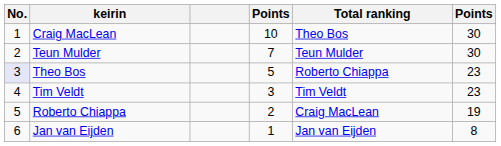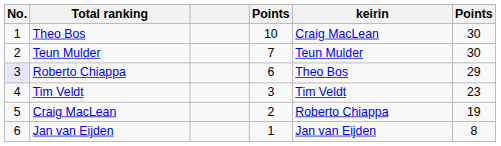 <table class="wikitable">
 <tr>
 <th width="20px">No.</th>
-<th width="200px">keirin</th>
+<th width="200px">Total ranking</th>
 <th width="70px"></th>
 <th width="40px">Points</th>
-<th width="200px">Total ranking</th>
+<th width="200px">keirin</th>
 <th width="40px">Points</th>
 </tr>
 <tr align=center>
 <td>1</td>
-<td align=left> <a href='#'>Craig MacLean</a></td>
+<td align=left> <a href='#'>Theo Bos</a></td>
 <td></td>
 <td>10</td>
-<td align=left> <a href='#'>Theo Bos</a></td>
+<td align=left> <a href='#'>Craig MacLean</a></td>
 <td>30</td>
 </tr>
 <tr align=center>
 <td>2</td>
 <td align=left> <a href='#'>Teun Mulder</a></td>
 <td></td>
 <td>7</td>
 <td align=left> <a href='#'>Teun Mulder</a></td>
 <td>30</td>
 </tr>
 <tr align=center>
 <td style="background: lavender;">3</td>
+<td align=left> <a href='#'>Roberto Chiappa</a></td>
+<td></td>
+<td>6</td>
 <td align=left> <a href='#'>Theo Bos</a></td>
-<td></td>
-<td>5</td>
-<td align=left> <a href='#'>Roberto Chiappa</a></td>
-<td>23</td>
+<td>29</td>
 </tr>
 <tr align=center>
 <td>4</td>
 <td align=left> <a href='#'>Tim Veldt</a></td>
 <td></td>
 <td>3</td>
 <td align=left> <a href='#'>Tim Veldt</a></td>
 <td>23</td>
 </tr>
 <tr align=center>
 <td>5</td>
-<td align=left> <a href='#'>Roberto Chiappa</a></td>
+<td align=left> <a href='#'>Craig MacLean</a></td>
 <td></td>
 <td>2</td>
-<td align=left> <a href='#'>Craig MacLean</a></td>
+<td align=left> <a href='#'>Roberto Chiappa</a></td>
 <td>19</td>
 </tr>
 <tr align=center>
 <td>6</td>
 <td align=left> <a href='#'>Jan van Eijden</a></td>
 <td></td>
 <td>1</td>
 <td align=left> <a href='#'>Jan van Eijden</a></td>
 <td>8</td>
 </tr>
 </table>
